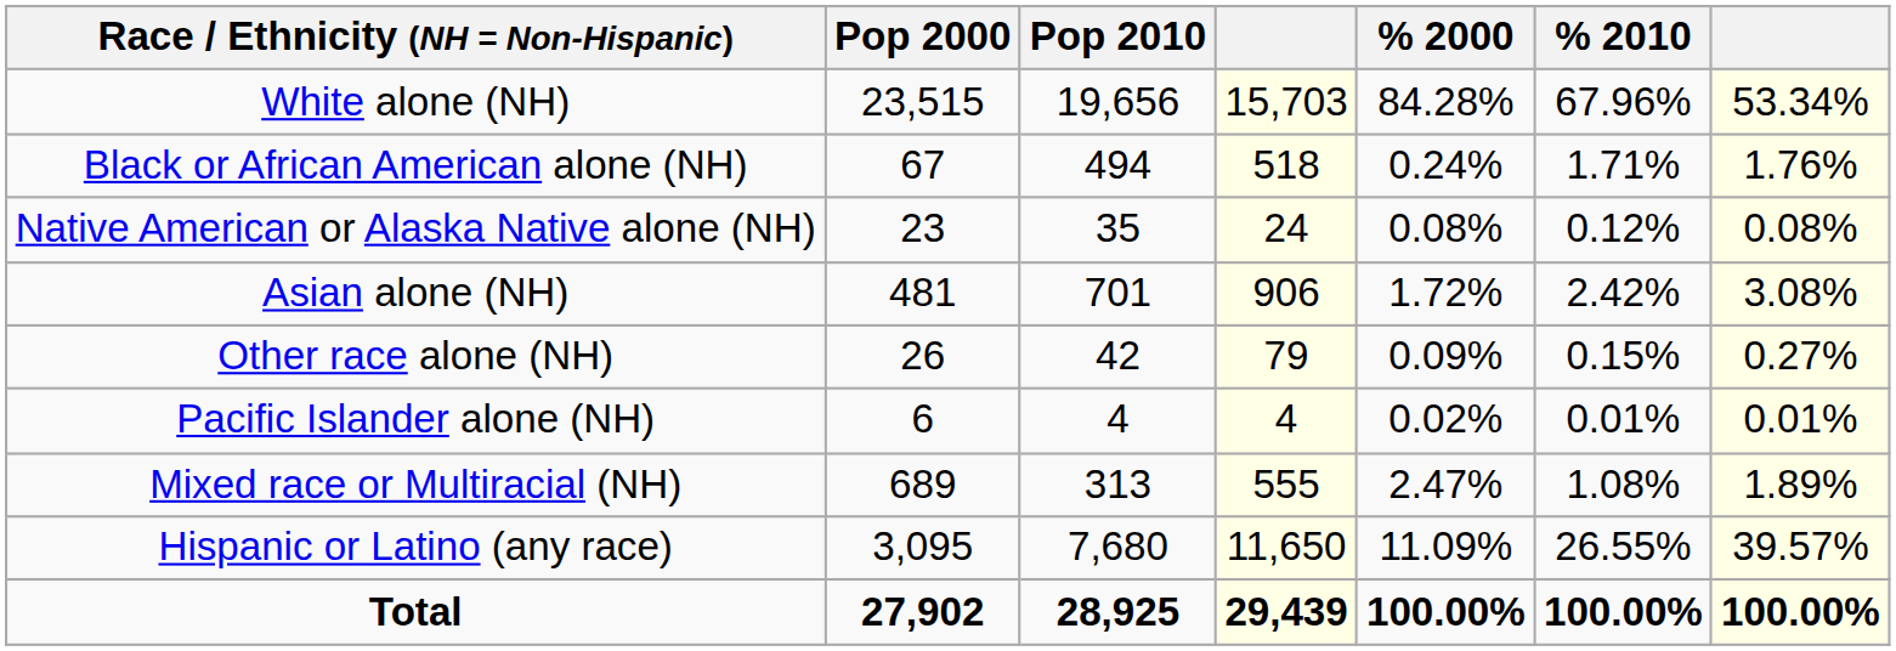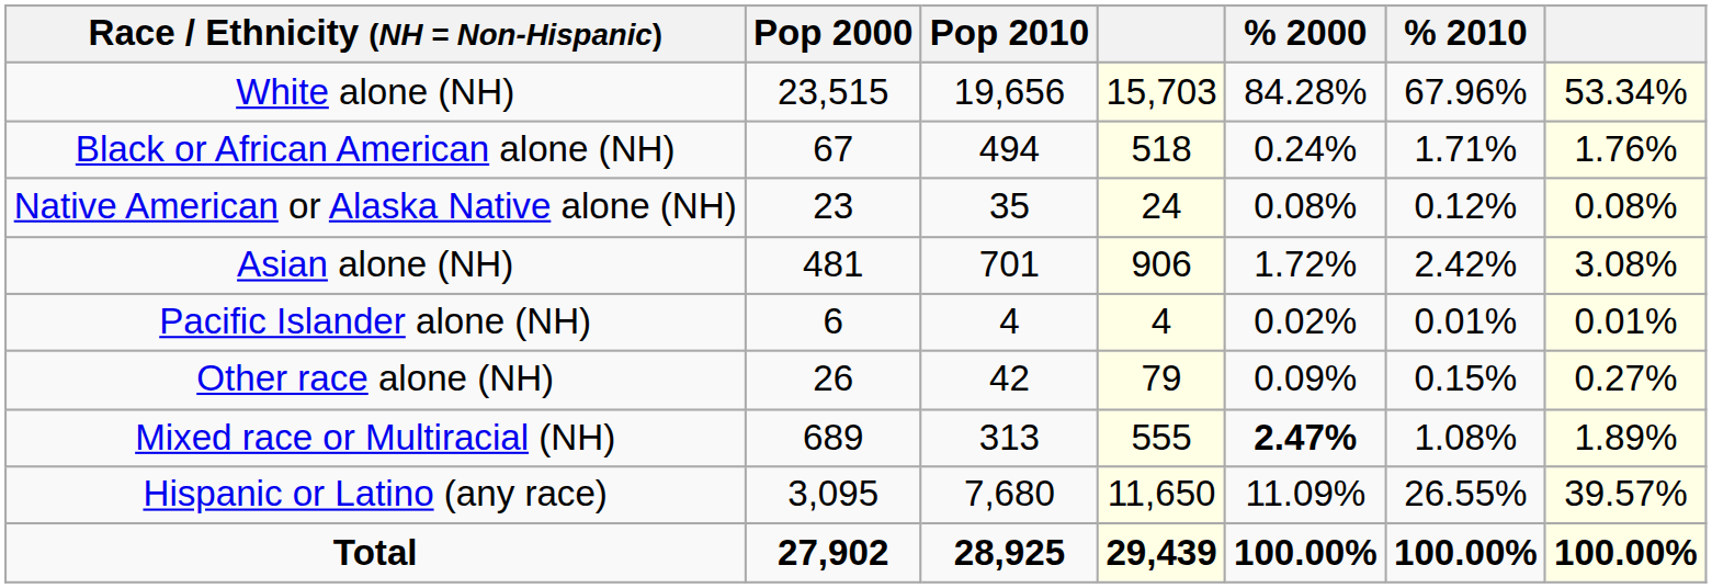 <table class="wikitable" style="text-align:center;">
 <tr>
 <th>Race / Ethnicity <small>(<em>NH = Non-Hispanic</em>)</small></th>
 <th>Pop 2000</th>
 <th>Pop 2010</th>
 <th></th>
 <th>% 2000</th>
 <th>% 2010</th>
 <th></th>
 </tr>
 <tr>
 <td><a href='#'>White</a> alone (NH)</td>
 <td>23,515</td>
 <td>19,656</td>
 <td style='background: #ffffe6;'>15,703</td>
 <td>84.28%</td>
 <td>67.96%</td>
 <td style='background: #ffffe6;'>53.34%</td>
 </tr>
 <tr>
 <td><a href='#'>Black or African American</a> alone (NH)</td>
 <td>67</td>
 <td>494</td>
 <td style='background: #ffffe6;'>518</td>
 <td>0.24%</td>
 <td>1.71%</td>
 <td style='background: #ffffe6;'>1.76%</td>
 </tr>
 <tr>
 <td><a href='#'>Native American</a> or <a href='#'>Alaska Native</a> alone (NH)</td>
 <td>23</td>
 <td>35</td>
 <td style='background: #ffffe6;'>24</td>
 <td>0.08%</td>
 <td>0.12%</td>
 <td style='background: #ffffe6;'>0.08%</td>
 </tr>
 <tr>
 <td><a href='#'>Asian</a> alone (NH)</td>
 <td>481</td>
 <td>701</td>
 <td style='background: #ffffe6;'>906</td>
 <td>1.72%</td>
 <td>2.42%</td>
 <td style='background: #ffffe6;'>3.08%</td>
 </tr>
 <tr>
+<td><a href='#'>Pacific Islander</a> alone (NH)</td>
+<td>6</td>
+<td>4</td>
+<td style='background: #ffffe6;'>4</td>
+<td>0.02%</td>
+<td>0.01%</td>
+<td style='background: #ffffe6;'>0.01%</td>
+</tr>
+<tr>
 <td><a href='#'>Other race</a> alone (NH)</td>
 <td>26</td>
 <td>42</td>
 <td style='background: #ffffe6;'>79</td>
 <td>0.09%</td>
 <td>0.15%</td>
 <td style='background: #ffffe6;'>0.27%</td>
 </tr>
 <tr>
-<td><a href='#'>Pacific Islander</a> alone (NH)</td>
-<td>6</td>
-<td>4</td>
-<td style='background: #ffffe6;'>4</td>
-<td>0.02%</td>
-<td>0.01%</td>
-<td style='background: #ffffe6;'>0.01%</td>
-</tr>
-<tr>
 <td><a href='#'>Mixed race or Multiracial</a> (NH)</td>
 <td>689</td>
 <td>313</td>
 <td style='background: #ffffe6;'>555</td>
-<td>2.47%</td>
+<td><strong>2.47%</strong></td>
 <td>1.08%</td>
 <td style='background: #ffffe6;'>1.89%</td>
 </tr>
 <tr>
 <td><a href='#'>Hispanic or Latino</a> (any race)</td>
 <td>3,095</td>
 <td>7,680</td>
 <td style='background: #ffffe6;'>11,650</td>
 <td>11.09%</td>
 <td>26.55%</td>
 <td style='background: #ffffe6;'>39.57%</td>
 </tr>
 <tr>
 <td><strong>Total</strong></td>
 <td><strong>27,902</strong></td>
 <td><strong>28,925</strong></td>
 <td style='background: #ffffe6;'><strong>29,439</strong></td>
 <td><strong>100.00%</strong></td>
 <td><strong>100.00%</strong></td>
 <td style='background: #ffffe6;'><strong>100.00%</strong></td>
 </tr>
 </table>
